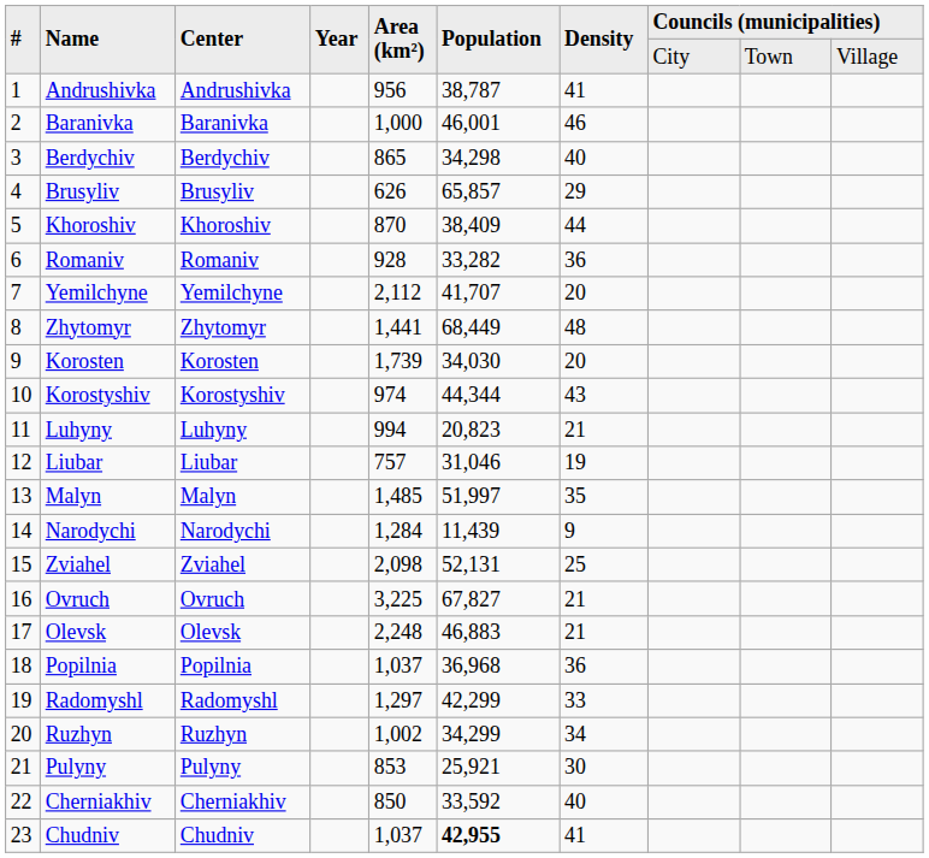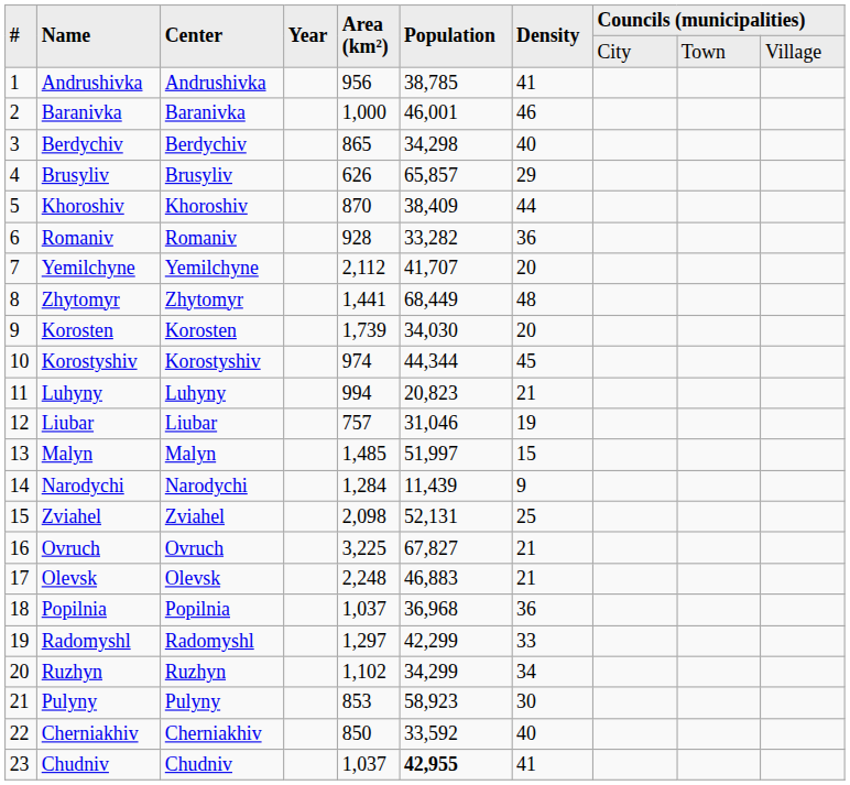 <table class="wikitable">
 <tr bgcolor="#ECECEC">
 <td rowspan=2><strong>#</strong></td>
 <td rowspan=2><strong>Name</strong></td>
 <td rowspan=2><strong>Center</strong></td>
 <td rowspan=2><strong>Year</strong></td>
 <td rowspan=2><strong>Area<br>(km²)</strong></td>
 <td rowspan=2><strong>Population</strong></td>
 <td rowspan=2><strong>Density</strong></td>
 <td colspan=3><strong>Councils (municipalities)</strong></td>
 </tr>
 <tr bgcolor="#ECECEC">
 <td width=10%>City</td>
 <td width=10%>Town</td>
 <td width=10%>Village</td>
 </tr>
 <tr>
 <td>1</td>
 <td><a href='#'>Andrushivka</a></td>
 <td><a href='#'>Andrushivka</a></td>
 <td></td>
 <td>956</td>
-<td>38,787</td>
+<td>38,785</td>
 <td>41</td>
 <td></td>
 <td></td>
 <td></td>
 </tr>
 <tr>
 <td>2</td>
 <td><a href='#'>Baranivka</a></td>
 <td><a href='#'>Baranivka</a></td>
 <td></td>
 <td>1,000</td>
 <td>46,001</td>
 <td>46</td>
 <td></td>
 <td></td>
 <td></td>
 </tr>
 <tr>
 <td>3</td>
 <td><a href='#'>Berdychiv</a></td>
 <td><a href='#'>Berdychiv</a></td>
 <td></td>
 <td>865</td>
 <td>34,298</td>
 <td>40</td>
 <td></td>
 <td></td>
 <td></td>
 </tr>
 <tr>
 <td>4</td>
 <td><a href='#'>Brusyliv</a></td>
 <td><a href='#'>Brusyliv</a></td>
 <td></td>
 <td>626</td>
 <td>65,857</td>
 <td>29</td>
 <td></td>
 <td></td>
 <td></td>
 </tr>
 <tr>
 <td>5</td>
 <td><a href='#'>Khoroshiv</a></td>
 <td><a href='#'>Khoroshiv</a></td>
 <td></td>
 <td>870</td>
 <td>38,409</td>
 <td>44</td>
 <td></td>
 <td></td>
 <td></td>
 </tr>
 <tr>
 <td>6</td>
 <td><a href='#'>Romaniv</a></td>
 <td><a href='#'>Romaniv</a></td>
 <td></td>
 <td>928</td>
 <td>33,282</td>
 <td>36</td>
 <td></td>
 <td></td>
 <td></td>
 </tr>
 <tr>
 <td>7</td>
 <td><a href='#'>Yemilchyne</a></td>
 <td><a href='#'>Yemilchyne</a></td>
 <td></td>
 <td>2,112</td>
 <td>41,707</td>
 <td>20</td>
 <td></td>
 <td></td>
 <td></td>
 </tr>
 <tr>
 <td>8</td>
 <td><a href='#'>Zhytomyr</a></td>
 <td><a href='#'>Zhytomyr</a></td>
 <td></td>
 <td>1,441</td>
 <td>68,449</td>
 <td>48</td>
 <td></td>
 <td></td>
 <td></td>
 </tr>
 <tr>
 <td>9</td>
 <td><a href='#'>Korosten</a></td>
 <td><a href='#'>Korosten</a></td>
 <td></td>
 <td>1,739</td>
 <td>34,030</td>
 <td>20</td>
 <td></td>
 <td></td>
 <td></td>
 </tr>
 <tr>
 <td>10</td>
 <td><a href='#'>Korostyshiv</a></td>
 <td><a href='#'>Korostyshiv</a></td>
 <td></td>
 <td>974</td>
 <td>44,344</td>
-<td>43</td>
+<td>45</td>
 <td></td>
 <td></td>
 <td></td>
 </tr>
 <tr>
 <td>11</td>
 <td><a href='#'>Luhyny</a></td>
 <td><a href='#'>Luhyny</a></td>
 <td></td>
 <td>994</td>
 <td>20,823</td>
 <td>21</td>
 <td></td>
 <td></td>
 <td></td>
 </tr>
 <tr>
 <td>12</td>
 <td><a href='#'>Liubar</a></td>
 <td><a href='#'>Liubar</a></td>
 <td></td>
 <td>757</td>
 <td>31,046</td>
 <td>19</td>
 <td></td>
 <td></td>
 <td></td>
 </tr>
 <tr>
 <td>13</td>
 <td><a href='#'>Malyn</a></td>
 <td><a href='#'>Malyn</a></td>
 <td></td>
 <td>1,485</td>
 <td>51,997</td>
-<td>35</td>
+<td>15</td>
 <td></td>
 <td></td>
 <td></td>
 </tr>
 <tr>
 <td>14</td>
 <td><a href='#'>Narodychi</a></td>
 <td><a href='#'>Narodychi</a></td>
 <td></td>
 <td>1,284</td>
 <td>11,439</td>
 <td>9</td>
 <td></td>
 <td></td>
 <td></td>
 </tr>
 <tr>
 <td>15</td>
 <td><a href='#'>Zviahel</a></td>
 <td><a href='#'>Zviahel</a></td>
 <td></td>
 <td>2,098</td>
 <td>52,131</td>
 <td>25</td>
 <td></td>
 <td></td>
 <td></td>
 </tr>
 <tr>
 <td>16</td>
 <td><a href='#'>Ovruch</a></td>
 <td><a href='#'>Ovruch</a></td>
 <td></td>
 <td>3,225</td>
 <td>67,827</td>
 <td>21</td>
 <td></td>
 <td></td>
 <td></td>
 </tr>
 <tr>
 <td>17</td>
 <td><a href='#'>Olevsk</a></td>
 <td><a href='#'>Olevsk</a></td>
 <td></td>
 <td>2,248</td>
 <td>46,883</td>
 <td>21</td>
 <td></td>
 <td></td>
 <td></td>
 </tr>
 <tr>
 <td>18</td>
 <td><a href='#'>Popilnia</a></td>
 <td><a href='#'>Popilnia</a></td>
 <td></td>
 <td>1,037</td>
 <td>36,968</td>
 <td>36</td>
 <td></td>
 <td></td>
 <td></td>
 </tr>
 <tr>
 <td>19</td>
 <td><a href='#'>Radomyshl</a></td>
 <td><a href='#'>Radomyshl</a></td>
 <td></td>
 <td>1,297</td>
 <td>42,299</td>
 <td>33</td>
 <td></td>
 <td></td>
 <td></td>
 </tr>
 <tr>
 <td>20</td>
 <td><a href='#'>Ruzhyn</a></td>
 <td><a href='#'>Ruzhyn</a></td>
 <td></td>
-<td>1,002</td>
+<td>1,102</td>
 <td>34,299</td>
 <td>34</td>
 <td></td>
 <td></td>
 <td></td>
 </tr>
 <tr>
 <td>21</td>
 <td><a href='#'>Pulyny</a></td>
 <td><a href='#'>Pulyny</a></td>
 <td></td>
 <td>853</td>
-<td>25,921</td>
+<td>58,923</td>
 <td>30</td>
 <td></td>
 <td></td>
 <td></td>
 </tr>
 <tr>
 <td>22</td>
 <td><a href='#'>Cherniakhiv</a></td>
 <td><a href='#'>Cherniakhiv</a></td>
 <td></td>
 <td>850</td>
 <td>33,592</td>
 <td>40</td>
 <td></td>
 <td></td>
 <td></td>
 </tr>
 <tr>
 <td>23</td>
 <td><a href='#'>Chudniv</a></td>
 <td><a href='#'>Chudniv</a></td>
 <td></td>
 <td>1,037</td>
 <td><strong>42,955</strong></td>
 <td>41</td>
 <td></td>
 <td></td>
 <td></td>
 </tr>
 </table>
